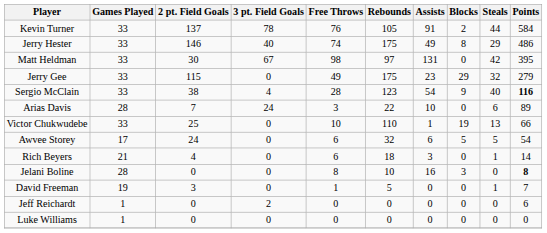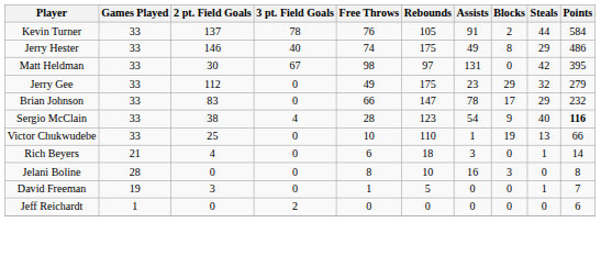 <table class="wikitable sortable" style="text-align:center">
 <tr>
 <th>Player</th>
 <th>Games Played</th>
 <th>2 pt. Field Goals</th>
 <th>3 pt. Field Goals</th>
 <th>Free Throws</th>
 <th>Rebounds</th>
 <th>Assists</th>
 <th>Blocks</th>
 <th>Steals</th>
 <th>Points</th>
 </tr>
 <tr align="center" bgcolor="">
 <td>Kevin Turner</td>
 <td>33</td>
 <td>137</td>
 <td>78</td>
 <td>76</td>
 <td>105</td>
 <td>91</td>
 <td>2</td>
 <td>44</td>
 <td>584</td>
 </tr>
 <tr align="center" bgcolor="">
 <td>Jerry Hester</td>
 <td>33</td>
 <td>146</td>
 <td>40</td>
 <td>74</td>
 <td>175</td>
 <td>49</td>
 <td>8</td>
 <td>29</td>
 <td>486</td>
 </tr>
 <tr align="center" bgcolor="">
 <td>Matt Heldman</td>
 <td>33</td>
 <td>30</td>
 <td>67</td>
 <td>98</td>
 <td>97</td>
 <td>131</td>
 <td>0</td>
 <td>42</td>
 <td>395</td>
 </tr>
 <tr align="center" bgcolor="">
 <td>Jerry Gee</td>
 <td>33</td>
-<td>115</td>
+<td>112</td>
 <td>0</td>
 <td>49</td>
 <td>175</td>
 <td>23</td>
 <td>29</td>
 <td>32</td>
 <td>279</td>
+</tr>
+<tr align="center" bgcolor="">
+<td>Brian Johnson</td>
+<td>33</td>
+<td>83</td>
+<td>0</td>
+<td>66</td>
+<td>147</td>
+<td>78</td>
+<td>17</td>
+<td>29</td>
+<td>232</td>
 </tr>
 <tr align="center" bgcolor="">
 <td>Sergio McClain</td>
 <td>33</td>
 <td>38</td>
 <td>4</td>
 <td>28</td>
 <td>123</td>
 <td>54</td>
 <td>9</td>
 <td>40</td>
 <td><strong>116</strong></td>
 </tr>
 <tr align="center" bgcolor="">
-<td>Arias Davis</td>
-<td>28</td>
-<td>7</td>
-<td>24</td>
-<td>3</td>
-<td>22</td>
-<td>10</td>
-<td>0</td>
-<td>6</td>
-<td>89</td>
-</tr>
-<tr align="center" bgcolor="">
 <td>Victor Chukwudebe</td>
 <td>33</td>
 <td>25</td>
 <td>0</td>
 <td>10</td>
 <td>110</td>
 <td>1</td>
 <td>19</td>
 <td>13</td>
 <td>66</td>
-</tr>
-<tr align="center" bgcolor="">
-<td>Awvee Storey</td>
-<td>17</td>
-<td>24</td>
-<td>0</td>
-<td>6</td>
-<td>32</td>
-<td>6</td>
-<td>5</td>
-<td>5</td>
-<td>54</td>
 </tr>
 <tr align="center" bgcolor="">
 <td>Rich Beyers</td>
 <td>21</td>
 <td>4</td>
 <td>0</td>
 <td>6</td>
 <td>18</td>
 <td>3</td>
 <td>0</td>
 <td>1</td>
 <td>14</td>
 </tr>
 <tr align="center" bgcolor="">
 <td>Jelani Boline</td>
 <td>28</td>
 <td>0</td>
 <td>0</td>
 <td>8</td>
 <td>10</td>
 <td>16</td>
 <td>3</td>
 <td>0</td>
-<td><strong>8</strong></td>
+<td>8</td>
 </tr>
 <tr align="center" bgcolor="">
 <td>David Freeman</td>
 <td>19</td>
 <td>3</td>
 <td>0</td>
 <td>1</td>
 <td>5</td>
 <td>0</td>
 <td>0</td>
 <td>1</td>
 <td>7</td>
 </tr>
 <tr align="center" bgcolor="">
 <td>Jeff Reichardt</td>
 <td>1</td>
 <td>0</td>
 <td>2</td>
 <td>0</td>
 <td>0</td>
 <td>0</td>
 <td>0</td>
 <td>0</td>
 <td>6</td>
 </tr>
 <tr align="center" bgcolor="">
-<td>Luke Williams</td>
-<td>1</td>
-<td>0</td>
-<td>0</td>
-<td>0</td>
-<td>0</td>
-<td>0</td>
-<td>0</td>
-<td>0</td>
-<td>0</td>
-</tr>
-<tr align="center" bgcolor="">
 </tr>
 </table>
